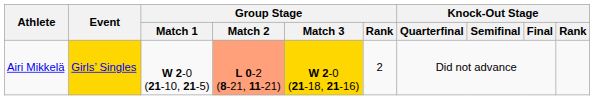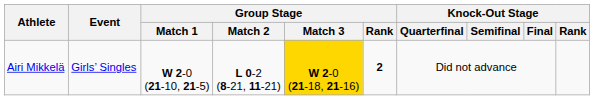 <table class="wikitable" width="85%" style="text-align:left; font-size:90%">
 <tr>
 <th rowspan=2>Athlete</th>
 <th rowspan=2>Event</th>
 <th colspan=4>Group Stage</th>
 <th colspan=4>Knock-Out Stage</th>
 </tr>
 <tr>
 <th>Match 1</th>
 <th>Match 2</th>
 <th>Match 3</th>
 <th>Rank</th>
 <th>Quarterfinal</th>
 <th>Semifinal</th>
 <th>Final</th>
 <th>Rank</th>
 </tr>
 <tr>
 <td><a href='#'>Airi Mikkelä</a></td>
-<td style="background: gold;"><a href='#'>Girls’ Singles</a></td>
+<td><a href='#'>Girls’ Singles</a></td>
 <td align=center> <br><br><strong>W</strong> <strong>2</strong>-0 <br> (<strong>21</strong>-10, <strong>21</strong>-5)</td>
-<td align=center style="background: lightsalmon;"> <br><br><strong>L</strong> <strong>0</strong>-2 <br> (<strong>8</strong>-21, <strong>11</strong>-21)</td>
+<td align=center> <br><br><strong>L</strong> <strong>0</strong>-2 <br> (<strong>8</strong>-21, <strong>11</strong>-21)</td>
 <td align=center style="background: gold;"> <br><br><strong>W</strong> <strong>2</strong>-0 <br> (<strong>21</strong>-18, <strong>21</strong>-16)</td>
-<td align=center>2</td>
+<td align=center><strong>2</strong></td>
 <td colspan="3" align=center>Did not advance</td>
 <td align=center></td>
 </tr>
 </table>
